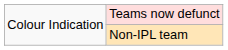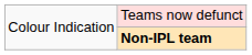 <table class=wikitable>
 <tr>
 <td rowspan="2">Colour Indication</td>
 <td style="background: #fdd;">Teams now defunct</td>
 </tr>
 <tr>
-<td style="background:#ffe6b7;">Non-IPL team</td>
+<td style="background:#ffe6b7;"><strong>Non-IPL team</strong></td>
 </tr>
 </table>
